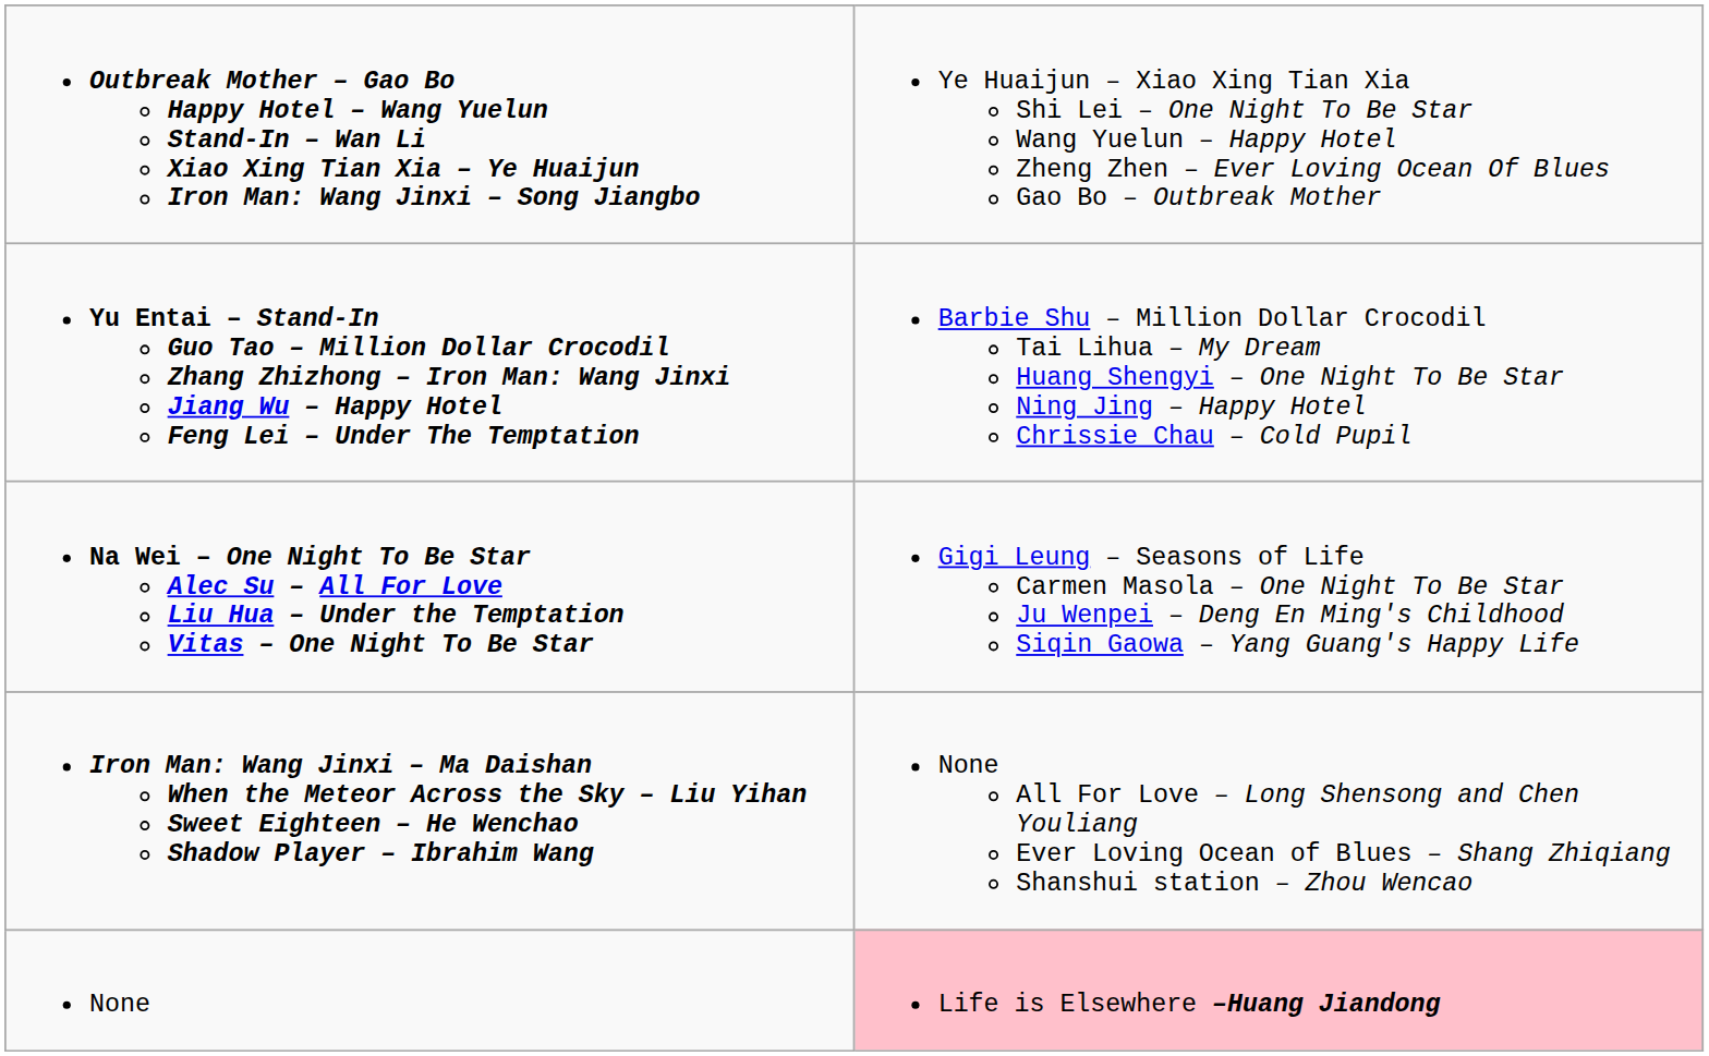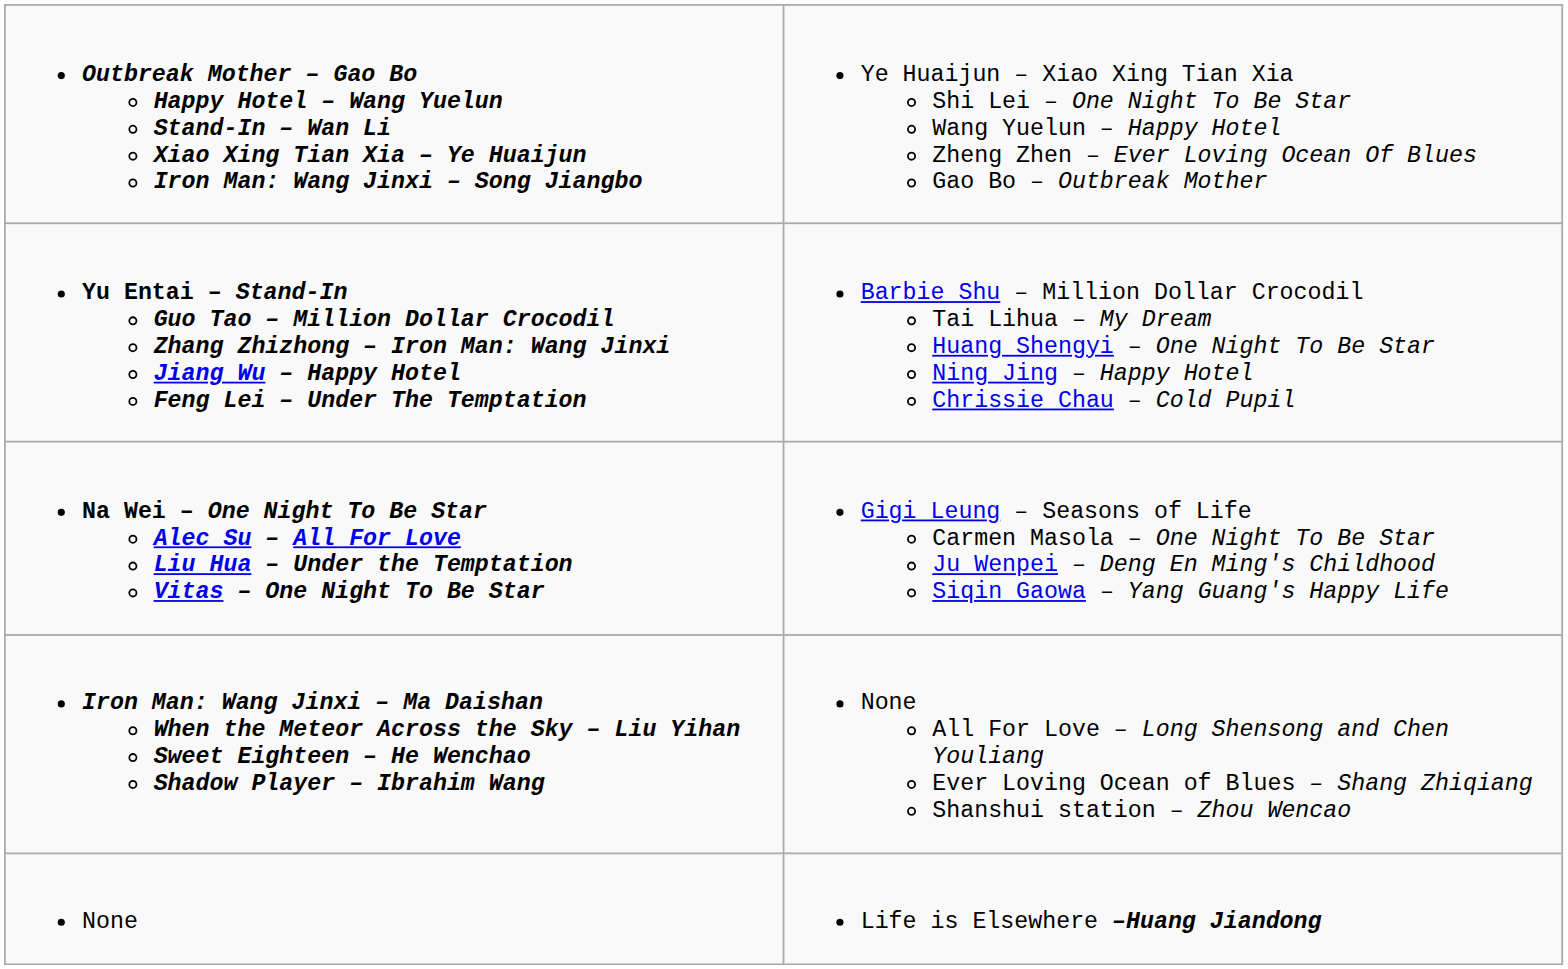 <table class=wikitable>
 <tr>
 <td valign="top" width="50%"><br><ul><li><strong><em>Outbreak Mother<em> – Gao Bo<strong><ul><li></em>Happy Hotel<em> – Wang Yuelun</li><li></em>Stand-In<em> – Wan Li</li><li></em>Xiao Xing Tian Xia<em> – Ye Huaijun</li><li></em>Iron Man: Wang Jinxi<em> – Song Jiangbo</li></ul></li></ul></td>
 <td valign="top" width="50%"><br><ul><li></strong>Ye Huaijun – </em>Xiao Xing Tian Xia</em></strong><ul><li>Shi Lei – <em>One Night To Be Star</em></li><li>Wang Yuelun – <em>Happy Hotel</em></li><li>Zheng Zhen – <em>Ever Loving Ocean Of Blues</em></li><li>Gao Bo – <em>Outbreak Mother</em></li></ul></li></ul></td>
 </tr>
 <tr>
 <td valign="top" width="50%"><br><ul><li><strong>Yu Entai – <em>Stand-In<strong><em><ul><li>Guo Tao – </em>Million Dollar Crocodil<em></li><li>Zhang Zhizhong – </em>Iron Man: Wang Jinxi<em></li><li><a href='#'>Jiang Wu</a> – </em>Happy Hotel<em></li><li>Feng Lei – </em>Under The Temptation<em></li></ul></li></ul></td>
 <td valign="top" width="50%"><br><ul><li></strong><a href='#'>Barbie Shu</a> – </em>Million Dollar Crocodil</em></strong><ul><li>Tai Lihua – <em>My Dream</em></li><li><a href='#'>Huang Shengyi</a> – <em>One Night To Be Star</em></li><li><a href='#'>Ning Jing</a> – <em>Happy Hotel</em></li><li><a href='#'>Chrissie Chau</a> – <em>Cold Pupil</em></li></ul></li></ul></td>
 </tr>
 <tr>
 <td valign="top" width="50%"><br><ul><li><strong>Na Wei – <em>One Night To Be Star<strong><em><ul><li><a href='#'>Alec Su</a> – </em><a href='#'>All For Love</a><em></li><li><a href='#'>Liu Hua</a> – </em>Under the Temptation<em></li><li><a href='#'>Vitas</a> – </em>One Night To Be Star<em></li></ul></li></ul></td>
 <td valign="top" width="50%"><br><ul><li></strong><a href='#'>Gigi Leung</a> – </em>Seasons of Life</em></strong><ul><li>Carmen Masola – <em>One Night To Be Star</em></li><li><a href='#'>Ju Wenpei</a> – <em>Deng En Ming's Childhood</em></li><li><a href='#'>Siqin Gaowa</a> – <em>Yang Guang's Happy Life</em></li></ul></li></ul></td>
 </tr>
 <tr>
 <td valign="top" width="50%"><br><ul><li><strong><em>Iron Man: Wang Jinxi<em> – Ma Daishan<strong><ul><li></em>When the Meteor Across the Sky<em> – Liu Yihan</li><li></em>Sweet Eighteen<em> – He Wenchao</li><li></em>Shadow Player<em> – Ibrahim Wang</li></ul></li></ul></td>
 <td valign="top" width="50%"><br><ul><li>None<ul><li></em>All For Love<em> – Long Shensong and Chen Youliang</li><li></em>Ever Loving Ocean of Blues<em> – Shang Zhiqiang</li><li></em>Shanshui station<em> – Zhou Wencao</li></ul></li></ul></td>
 </tr>
 <tr>
 <td valign="top" width="50%"><br><ul><li>None</li></ul></td>
-<td valign="top" width="50%" style="background: pink;"><br><ul><li></em></strong>Life is Elsewhere<strong><em> –Huang Jiandong</li></ul></td>
+<td valign="top" width="50%"><br><ul><li></em></strong>Life is Elsewhere<strong><em> –Huang Jiandong</li></ul></td>
 </tr>
 </table>
